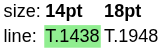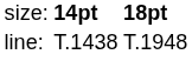 <table style="margin-left:40px;">
 <tr>
 <td>size:</td>
 <td><strong>14pt</strong></td>
 <td><strong>18pt</strong></td>
 </tr>
 <tr>
 <td>line:</td>
-<td style="background: lightgreen;">T.1438</td>
+<td>T.1438</td>
 <td>T.1948</td>
 </tr>
 </table>
